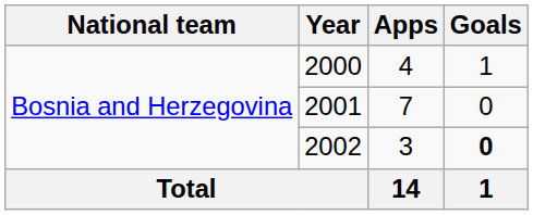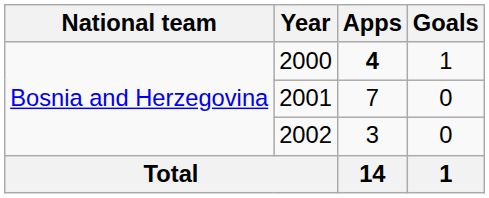 <table class=wikitable style=text-align:center>
 <tr>
 <th>National team</th>
 <th>Year</th>
 <th>Apps</th>
 <th>Goals</th>
 </tr>
 <tr>
 <td rowspan=3><a href='#'>Bosnia and Herzegovina</a></td>
 <td>2000</td>
-<td>4</td>
+<td><strong>4</strong></td>
 <td>1</td>
 </tr>
 <tr>
 <td>2001</td>
 <td>7</td>
 <td>0</td>
 </tr>
 <tr>
 <td>2002</td>
 <td>3</td>
-<td><strong>0</strong></td>
+<td>0</td>
 </tr>
 <tr>
 <th colspan=2>Total</th>
 <th>14</th>
 <th>1</th>
 </tr>
 </table>
